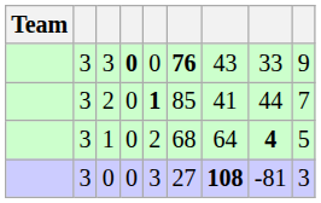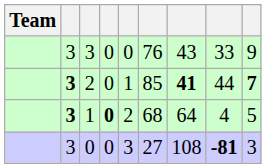 <table class="wikitable" style="text-align: center;">
 <tr>
 <th>Team</th>
 <th></th>
 <th></th>
 <th></th>
 <th></th>
 <th></th>
 <th></th>
 <th></th>
 <th></th>
 </tr>
 <tr bgcolor="ccffcc">
 <td align="left"></td>
 <td>3</td>
 <td>3</td>
-<td><strong>0</strong></td>
 <td>0</td>
-<td><strong>76</strong></td>
+<td>0</td>
+<td>76</td>
 <td>43</td>
 <td>33</td>
 <td>9</td>
 </tr>
 <tr bgcolor="ccffcc">
 <td align="left"></td>
-<td>3</td>
+<td><strong>3</strong></td>
 <td>2</td>
 <td>0</td>
-<td><strong>1</strong></td>
+<td>1</td>
 <td>85</td>
-<td>41</td>
+<td><strong>41</strong></td>
 <td>44</td>
-<td>7</td>
+<td><strong>7</strong></td>
 </tr>
 <tr bgcolor="ccffcc">
 <td align="left"></td>
-<td>3</td>
+<td><strong>3</strong></td>
 <td>1</td>
-<td>0</td>
+<td><strong>0</strong></td>
 <td>2</td>
 <td>68</td>
 <td>64</td>
-<td><strong>4</strong></td>
+<td>4</td>
 <td>5</td>
 </tr>
 <tr bgcolor="ccccff">
 <td align="left"></td>
 <td>3</td>
 <td>0</td>
 <td>0</td>
 <td>3</td>
 <td>27</td>
-<td><strong>108</strong></td>
-<td>-81</td>
+<td>108</td>
+<td><strong>-81</strong></td>
 <td>3</td>
 </tr>
 </table>
